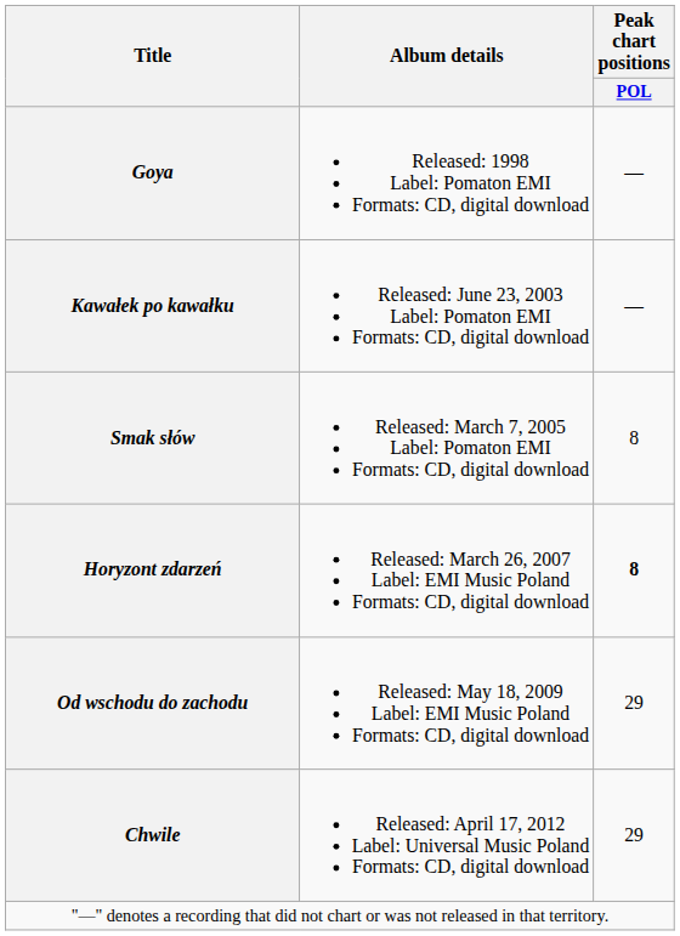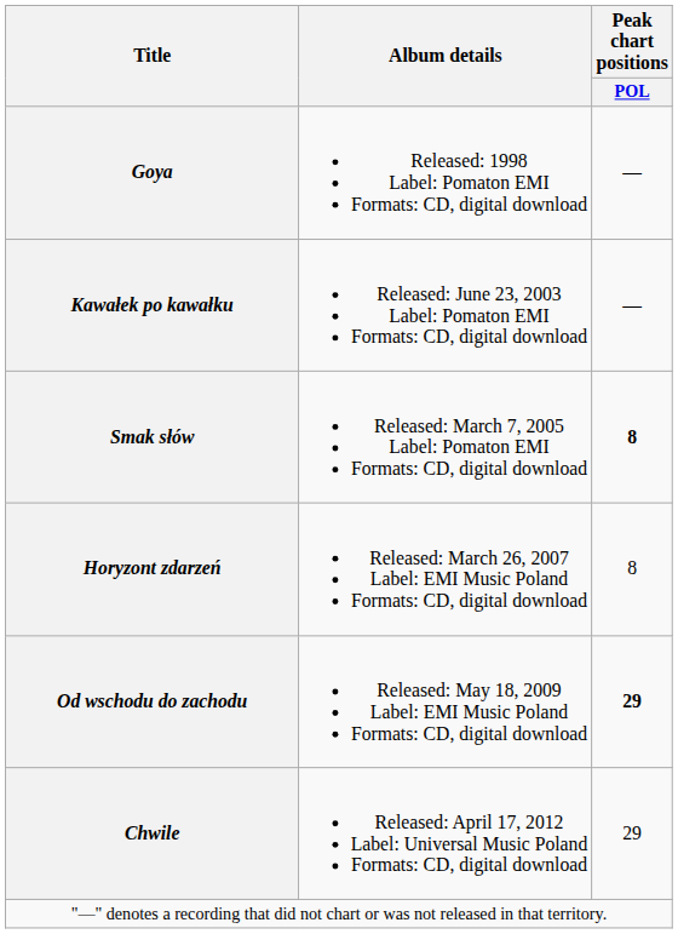 <table class="wikitable plainrowheaders" style="text-align:center;">
 <tr>
 <th scope="col" rowspan="2" style="width:15em;">Title</th>
 <th scope="col" rowspan="2">Album details</th>
 <th scope="col" colspan="1">Peak chart positions</th>
 </tr>
 <tr>
 <th scope="col" style="width:3em;font-size:90%;"><a href='#'>POL</a><br></th>
 </tr>
 <tr>
 <th scope="row"><em>Goya</em></th>
 <td><br><ul><li>Released: 1998</li><li>Label: Pomaton EMI</li><li>Formats: CD, digital download</li></ul></td>
 <td>—</td>
 </tr>
 <tr>
 <th scope="row"><em>Kawałek po kawałku</em></th>
 <td><br><ul><li>Released: June 23, 2003</li><li>Label: Pomaton EMI</li><li>Formats: CD, digital download</li></ul></td>
 <td>—</td>
 </tr>
 <tr>
 <th scope="row"><em>Smak słów</em></th>
 <td><br><ul><li>Released: March 7, 2005</li><li>Label: Pomaton EMI</li><li>Formats: CD, digital download</li></ul></td>
-<td>8</td>
+<td><strong>8</strong></td>
 </tr>
 <tr>
 <th scope="row"><em>Horyzont zdarzeń</em></th>
 <td><br><ul><li>Released: March 26, 2007</li><li>Label: EMI Music Poland</li><li>Formats: CD, digital download</li></ul></td>
-<td><strong>8</strong></td>
+<td>8</td>
 </tr>
 <tr>
 <th scope="row"><em>Od wschodu do zachodu</em></th>
 <td><br><ul><li>Released: May 18, 2009</li><li>Label: EMI Music Poland</li><li>Formats: CD, digital download</li></ul></td>
-<td>29</td>
+<td><strong>29</strong></td>
 </tr>
 <tr>
 <th scope="row"><em>Chwile</em></th>
 <td><br><ul><li>Released: April 17, 2012</li><li>Label: Universal Music Poland</li><li>Formats: CD, digital download</li></ul></td>
 <td>29</td>
 </tr>
 <tr>
 <td colspan="10" style="font-size:90%">"—" denotes a recording that did not chart or was not released in that territory.</td>
 </tr>
 </table>
